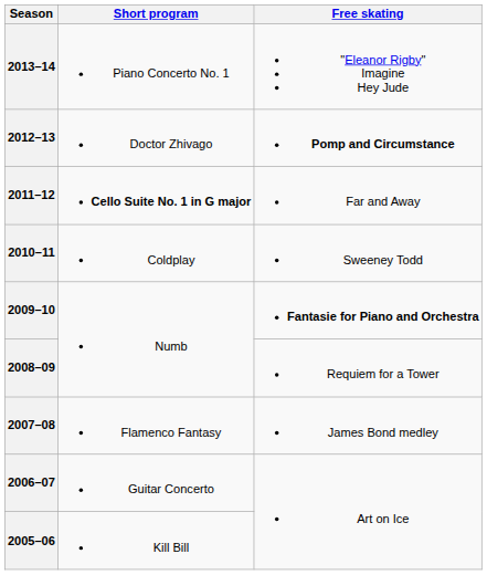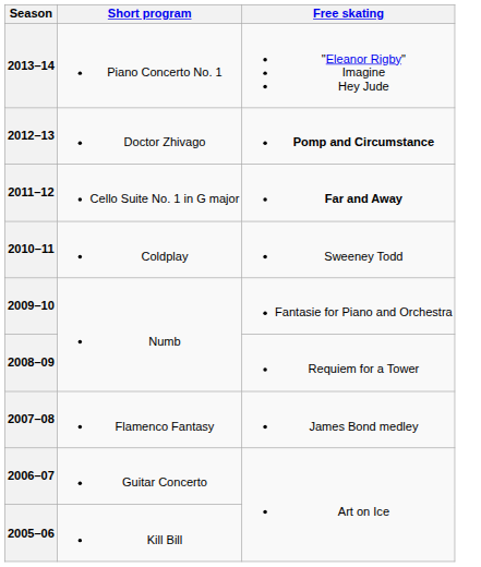 <table class=wikitable style=text-align:center>
 <tr>
 <th>Season</th>
 <th><a href='#'>Short program</a></th>
 <th><a href='#'>Free skating</a></th>
 </tr>
 <tr>
 <th>2013–14 <br></th>
 <td><br><ul><li>Piano Concerto No. 1 <br></li></ul></td>
 <td><br><ul><li>"<a href='#'>Eleanor Rigby</a>" <br></li><li>Imagine <br></li><li>Hey Jude <br></li></ul></td>
 </tr>
 <tr>
 <th>2012–13 <br></th>
 <td><br><ul><li>Doctor Zhivago <br></li></ul></td>
 <td><strong><br><ul><li>Pomp and Circumstance <br></li></ul></strong></td>
 </tr>
 <tr>
 <th>2011–12 <br></th>
-<td><strong><br><ul><li>Cello Suite No. 1 in G major <br></li></ul></strong></td>
-<td><br><ul><li>Far and Away <br></li></ul></td>
+<td><br><ul><li>Cello Suite No. 1 in G major <br></li></ul></td>
+<td><strong><br><ul><li>Far and Away <br></li></ul></strong></td>
 </tr>
 <tr>
 <th>2010–11 <br></th>
 <td><br><ul><li>Coldplay</li></ul></td>
 <td><br><ul><li>Sweeney Todd <br></li></ul></td>
 </tr>
 <tr>
 <th>2009–10 <br></th>
 <td rowspan=2><br><ul><li>Numb <br></li></ul></td>
-<td><strong><br><ul><li>Fantasie for Piano and Orchestra <br></li></ul></strong></td>
+<td><br><ul><li>Fantasie for Piano and Orchestra <br></li></ul></td>
 </tr>
 <tr>
 <th>2008–09 <br></th>
 <td><br><ul><li>Requiem for a Tower <br></li></ul></td>
 </tr>
 <tr>
 <th>2007–08 <br></th>
 <td><br><ul><li>Flamenco Fantasy <br></li></ul></td>
 <td><br><ul><li>James Bond medley</li></ul></td>
 </tr>
 <tr>
 <th>2006–07 <br></th>
 <td><br><ul><li>Guitar Concerto <br></li></ul></td>
 <td rowspan=2><br><ul><li>Art on Ice <br></li></ul></td>
 </tr>
 <tr>
 <th>2005–06 <br></th>
 <td><br><ul><li>Kill Bill</li></ul></td>
 </tr>
 </table>
